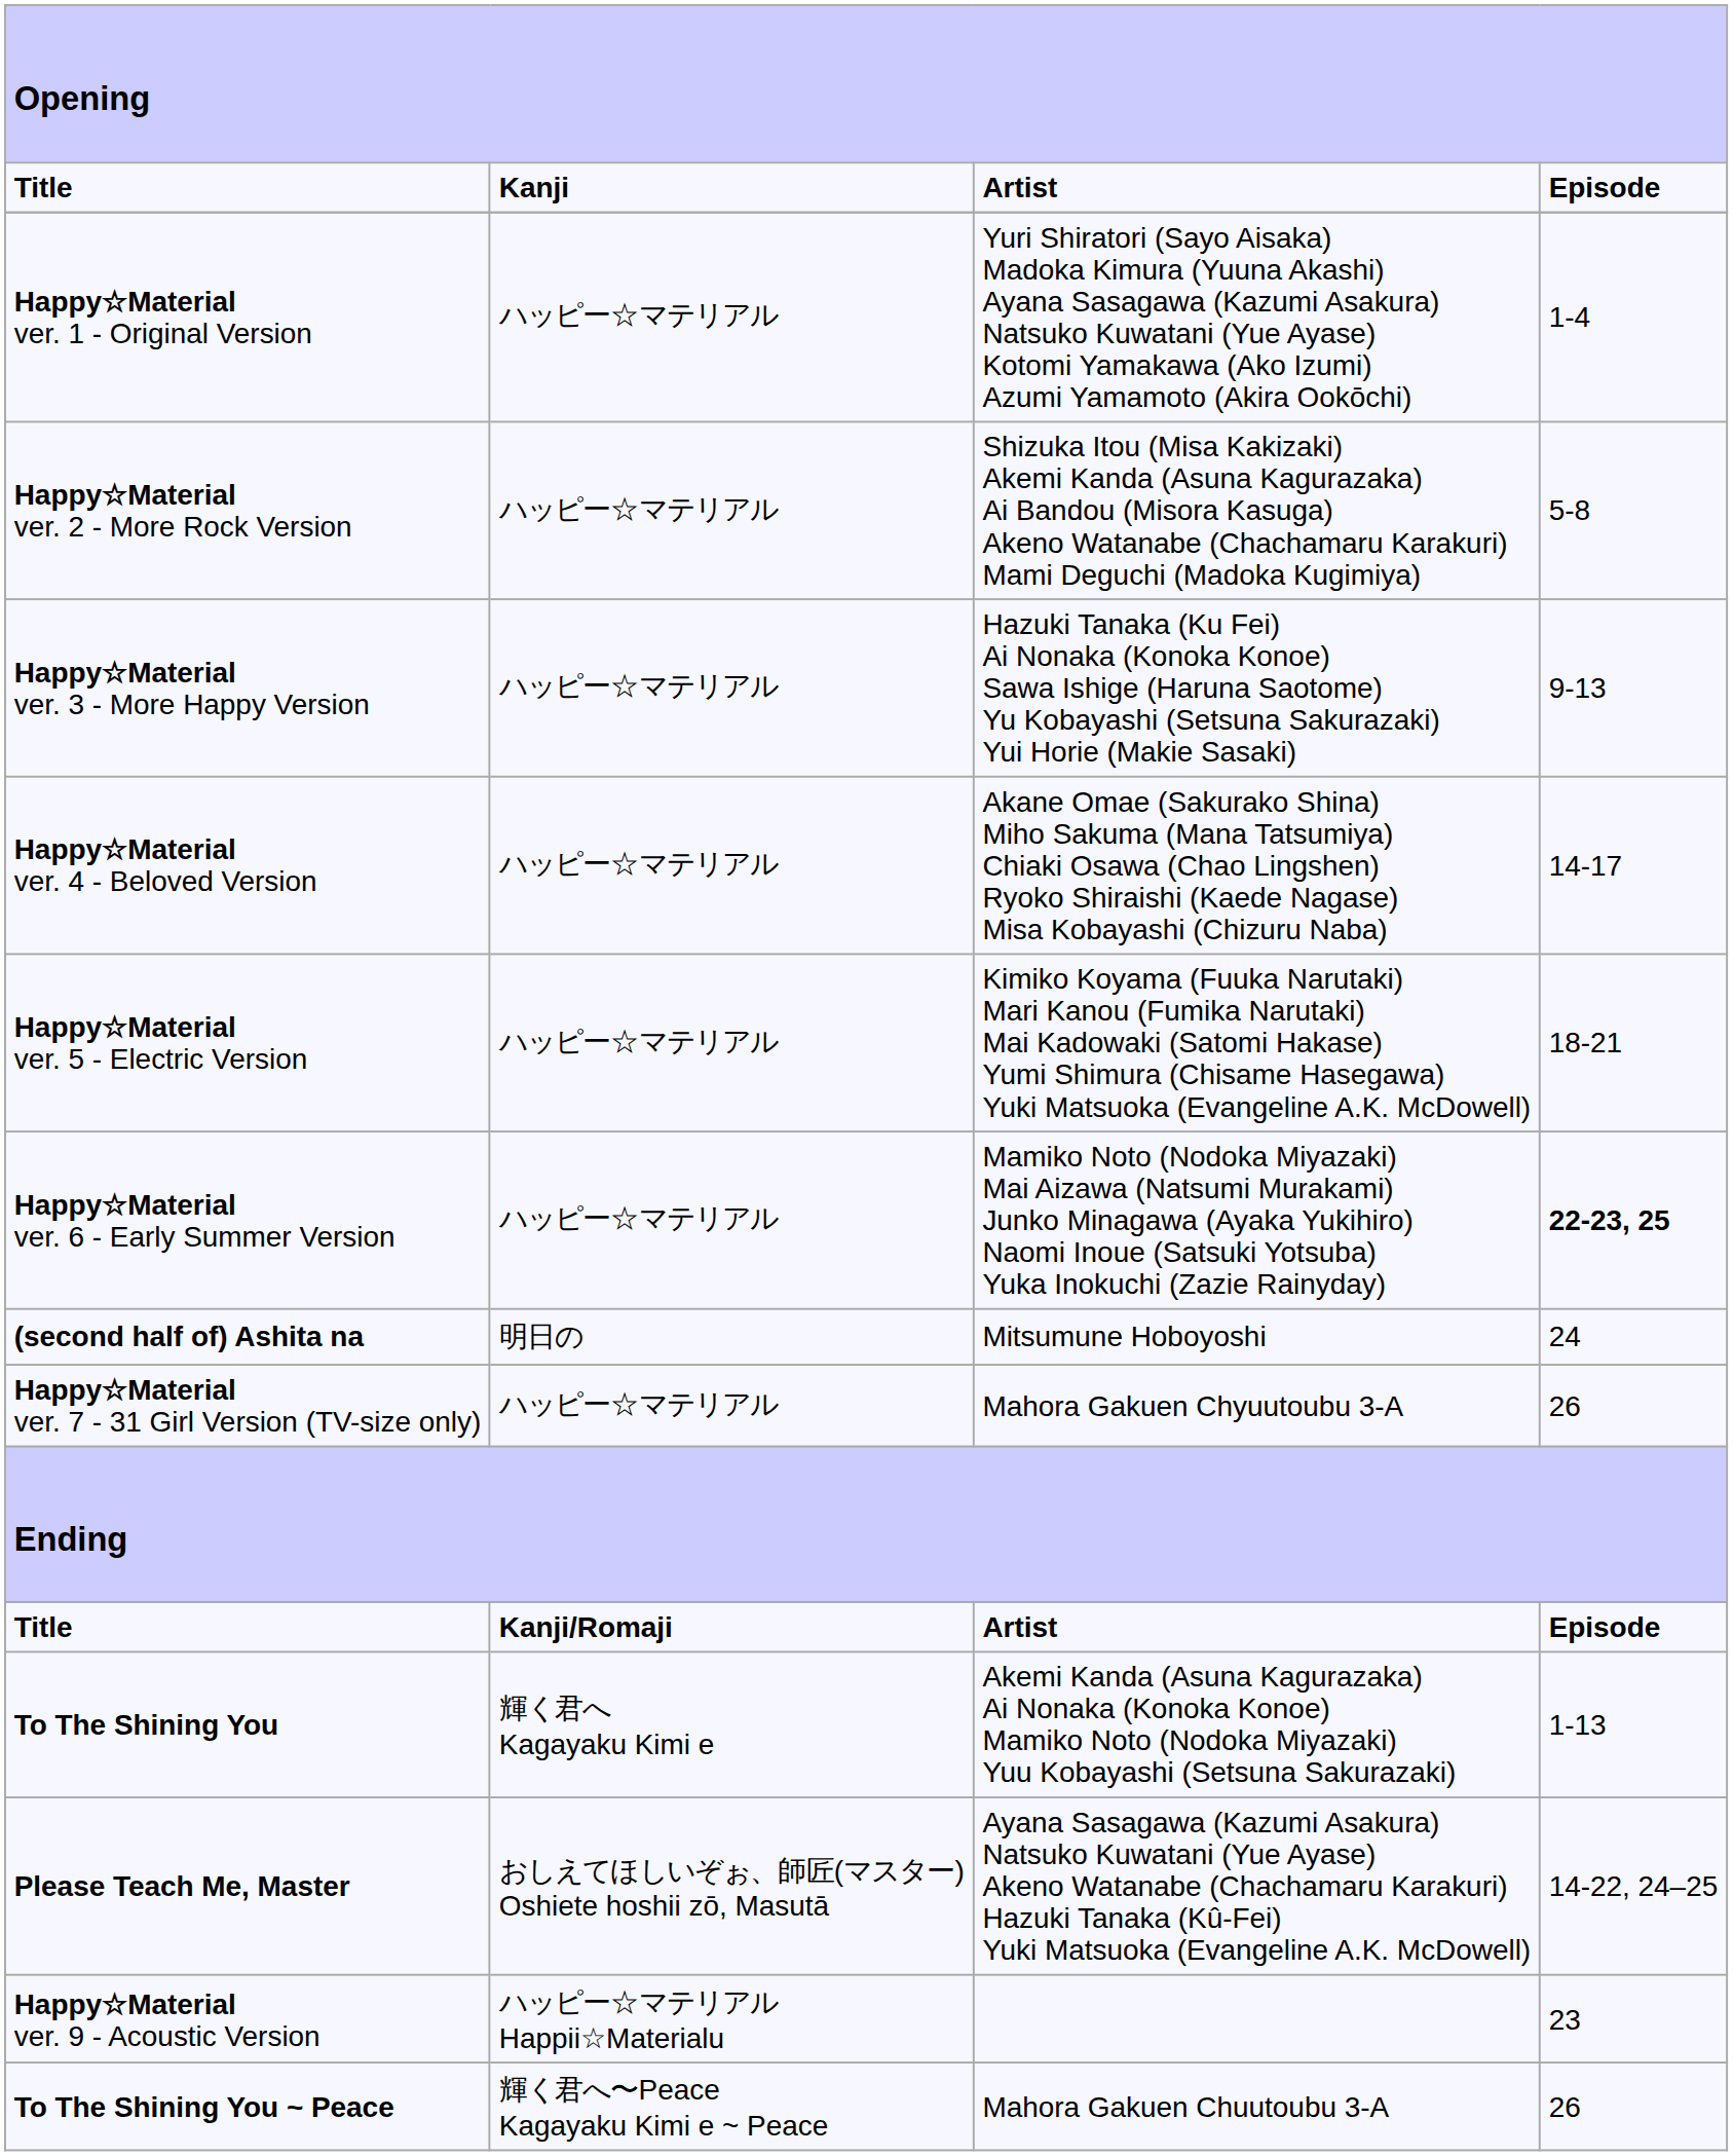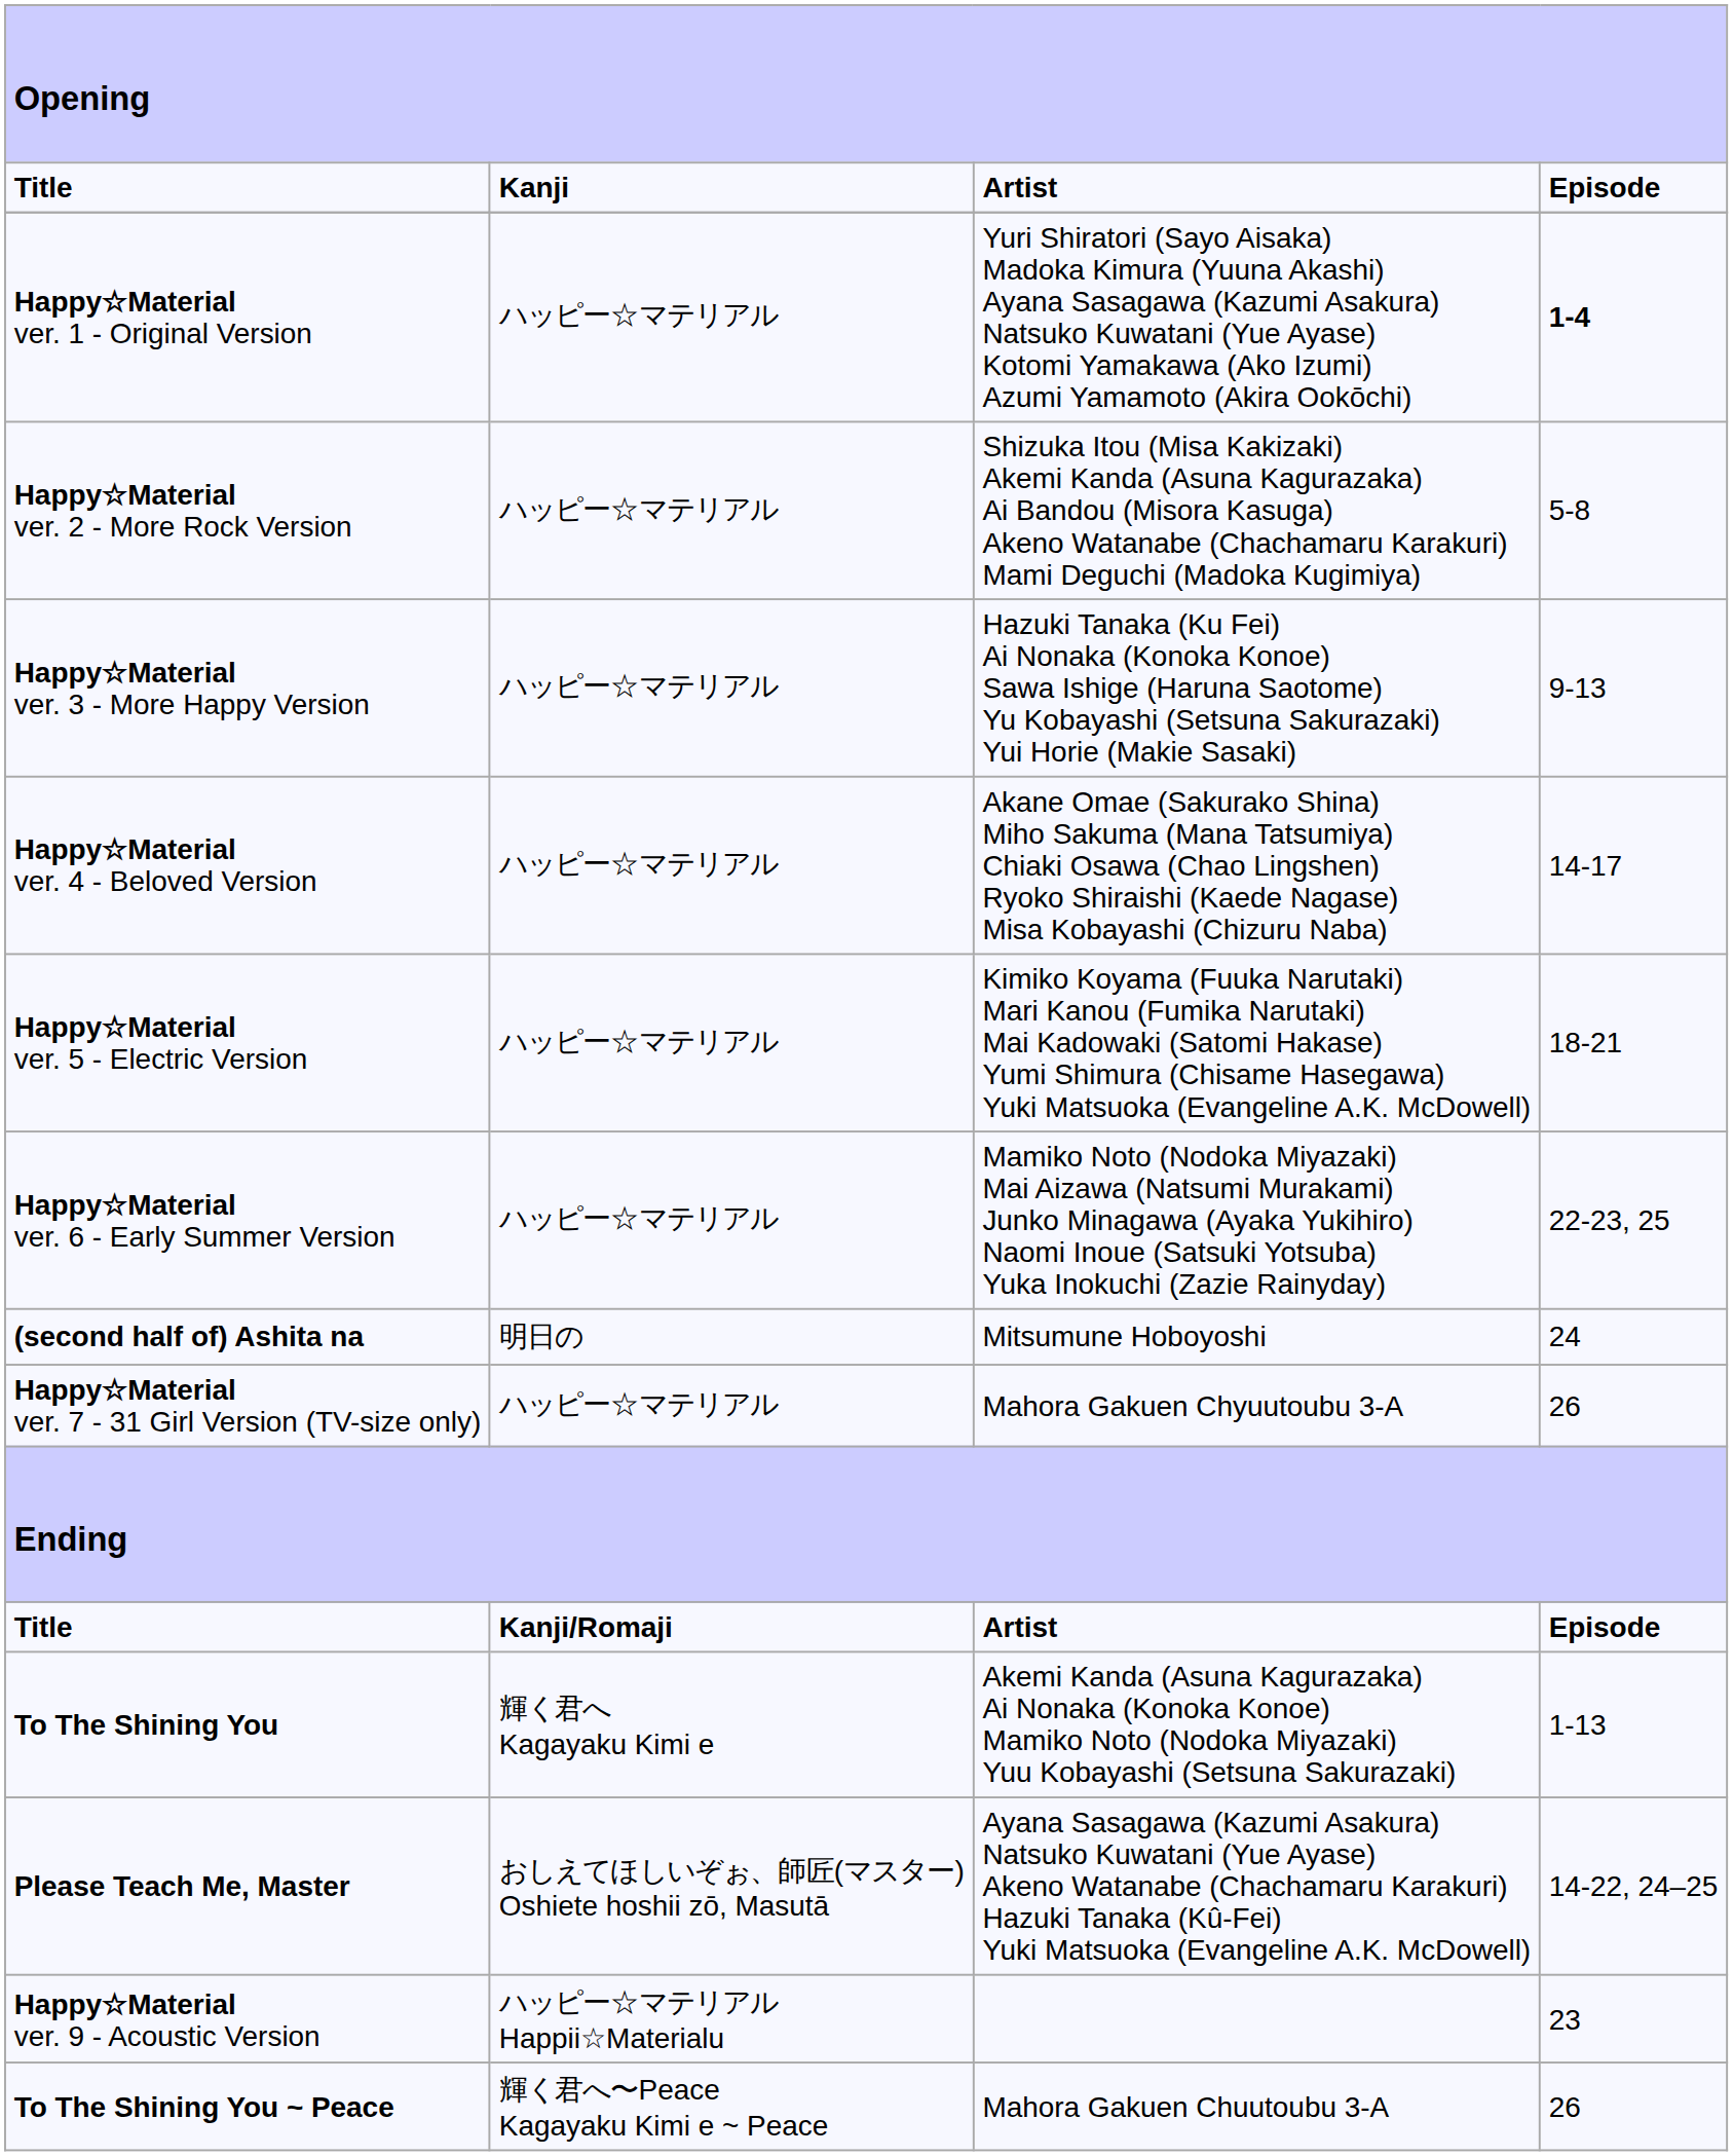 <table border="" cellpadding="4" cellspacing="0" style="border: 1px #aaaaaa solid; border-collapse: collapse; padding: 0.2em; margin: 1em 1em 1em 0; background: #f7f8ff; font-size:0.9em">
 <tr valign="middle" bgcolor="#ccccff">
 <td colspan=5><br><h3>Opening</h3></td>
 </tr>
 <tr>
 <td><strong>Title</strong></td>
 <td><strong>Kanji</strong></td>
 <td><strong>Artist</strong></td>
 <td><strong>Episode</strong></td>
 </tr>
 <tr bgcolor="#ccccff">
 </tr>
 <tr>
 <td><strong>Happy☆Material</strong><br>ver. 1 - Original Version</td>
 <td>ハッピー☆マテリアル</td>
 <td>Yuri Shiratori (Sayo Aisaka) <br> Madoka Kimura (Yuuna Akashi) <br> Ayana Sasagawa (Kazumi Asakura) <br> Natsuko Kuwatani (Yue Ayase) <br> Kotomi Yamakawa (Ako Izumi) <br> Azumi Yamamoto (Akira Ookōchi)</td>
-<td>1-4</td>
+<td><strong>1-4</strong></td>
 </tr>
 <tr>
 <td><strong>Happy☆Material</strong><br>ver. 2 - More Rock Version</td>
 <td>ハッピー☆マテリアル</td>
 <td>Shizuka Itou (Misa Kakizaki) <br> Akemi Kanda (Asuna Kagurazaka) <br> Ai Bandou (Misora Kasuga) <br> Akeno Watanabe (Chachamaru Karakuri) <br> Mami Deguchi (Madoka Kugimiya)</td>
 <td>5-8</td>
 </tr>
 <tr>
 <td><strong>Happy☆Material</strong><br>ver. 3 - More Happy Version</td>
 <td>ハッピー☆マテリアル</td>
 <td>Hazuki Tanaka (Ku Fei) <br> Ai Nonaka (Konoka Konoe) <br> Sawa Ishige (Haruna Saotome) <br> Yu Kobayashi (Setsuna Sakurazaki) <br> Yui Horie (Makie Sasaki)</td>
 <td>9-13</td>
 </tr>
 <tr>
 <td><strong>Happy☆Material</strong><br>ver. 4 - Beloved Version</td>
 <td>ハッピー☆マテリアル</td>
 <td>Akane Omae (Sakurako Shina) <br> Miho Sakuma (Mana Tatsumiya) <br> Chiaki Osawa (Chao Lingshen) <br> Ryoko Shiraishi (Kaede Nagase) <br> Misa Kobayashi (Chizuru Naba)</td>
 <td>14-17</td>
 </tr>
 <tr>
 <td><strong>Happy☆Material</strong><br>ver. 5 - Electric Version</td>
 <td>ハッピー☆マテリアル</td>
 <td>Kimiko Koyama (Fuuka Narutaki) <br> Mari Kanou (Fumika Narutaki) <br> Mai Kadowaki (Satomi Hakase) <br> Yumi Shimura (Chisame Hasegawa) <br> Yuki Matsuoka (Evangeline A.K. McDowell)</td>
 <td>18-21</td>
 </tr>
 <tr>
 <td><strong>Happy☆Material</strong><br>ver. 6 - Early Summer Version</td>
 <td>ハッピー☆マテリアル</td>
 <td>Mamiko Noto (Nodoka Miyazaki) <br> Mai Aizawa (Natsumi Murakami) <br> Junko Minagawa (Ayaka Yukihiro) <br> Naomi Inoue (Satsuki Yotsuba) <br> Yuka Inokuchi (Zazie Rainyday)</td>
-<td><strong>22-23, 25</strong></td>
+<td>22-23, 25</td>
 </tr>
 <tr>
 <td><strong>(second half of) Ashita na</strong><br></td>
 <td>明日の</td>
 <td>Mitsumune Hoboyoshi</td>
 <td>24</td>
 </tr>
 <tr>
 <td><strong>Happy☆Material</strong><br>ver. 7 - 31 Girl Version (TV-size only)</td>
 <td>ハッピー☆マテリアル</td>
 <td>Mahora Gakuen Chyuutoubu 3-A</td>
 <td>26</td>
 </tr>
 <tr bgcolor="#ccccff">
 <td colspan=4><br><h3>Ending</h3></td>
 </tr>
 <tr>
 <td><strong>Title</strong></td>
 <td><strong>Kanji/Romaji</strong></td>
 <td><strong>Artist</strong></td>
 <td><strong>Episode</strong></td>
 </tr>
 <tr>
 <td><strong>To The Shining You</strong></td>
 <td>輝く君へ<br>Kagayaku Kimi e</td>
 <td>Akemi Kanda (Asuna Kagurazaka) <br>Ai Nonaka (Konoka Konoe) <br>Mamiko Noto (Nodoka Miyazaki) <br>Yuu Kobayashi (Setsuna Sakurazaki)</td>
 <td>1-13</td>
 </tr>
 <tr>
 <td><strong>Please Teach Me, Master</strong></td>
 <td>おしえてほしいぞぉ、師匠(マスター)<br>Oshiete hoshii zō, Masutā</td>
 <td>Ayana Sasagawa (Kazumi Asakura)<br> Natsuko Kuwatani (Yue Ayase)<br> Akeno Watanabe (Chachamaru Karakuri)<br> Hazuki Tanaka (Kû-Fei)<br> Yuki Matsuoka (Evangeline A.K. McDowell)</td>
 <td>14-22, 24–25</td>
 </tr>
 <tr>
 <td><strong>Happy☆Material</strong><br>ver. 9 - Acoustic Version</td>
 <td>ハッピー☆マテリアル<br>Happii☆Materialu</td>
 <td></td>
 <td>23</td>
 </tr>
 <tr>
 <td><strong>To The Shining You ~ Peace</strong></td>
 <td>輝く君へ〜Peace<br>Kagayaku Kimi e ~ Peace</td>
 <td>Mahora Gakuen Chuutoubu 3-A</td>
 <td>26</td>
 </tr>
 </table>
